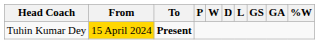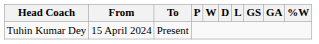 <table class="wikitable sortable" style="text-align: center">
 <tr>
 <th>Head Coach</th>
 <th class="unsortable">From</th>
 <th class="unsortable">To</th>
 <th abbr="3">P</th>
 <th abbr="1">W</th>
 <th abbr="1">D</th>
 <th abbr="1">L</th>
 <th abbr="4">GS</th>
 <th abbr="6">GA</th>
 <th abbr="50">%W</th>
 </tr>
 <tr>
 <td align="left"> Tuhin Kumar Dey</td>
-<td align="left" style="background: gold;">15 April 2024</td>
-<td align="left"><strong>Present<br></strong></td>
+<td align="left">15 April 2024</td>
+<td align="left">Present<br></td>
 </tr>
 </table>
